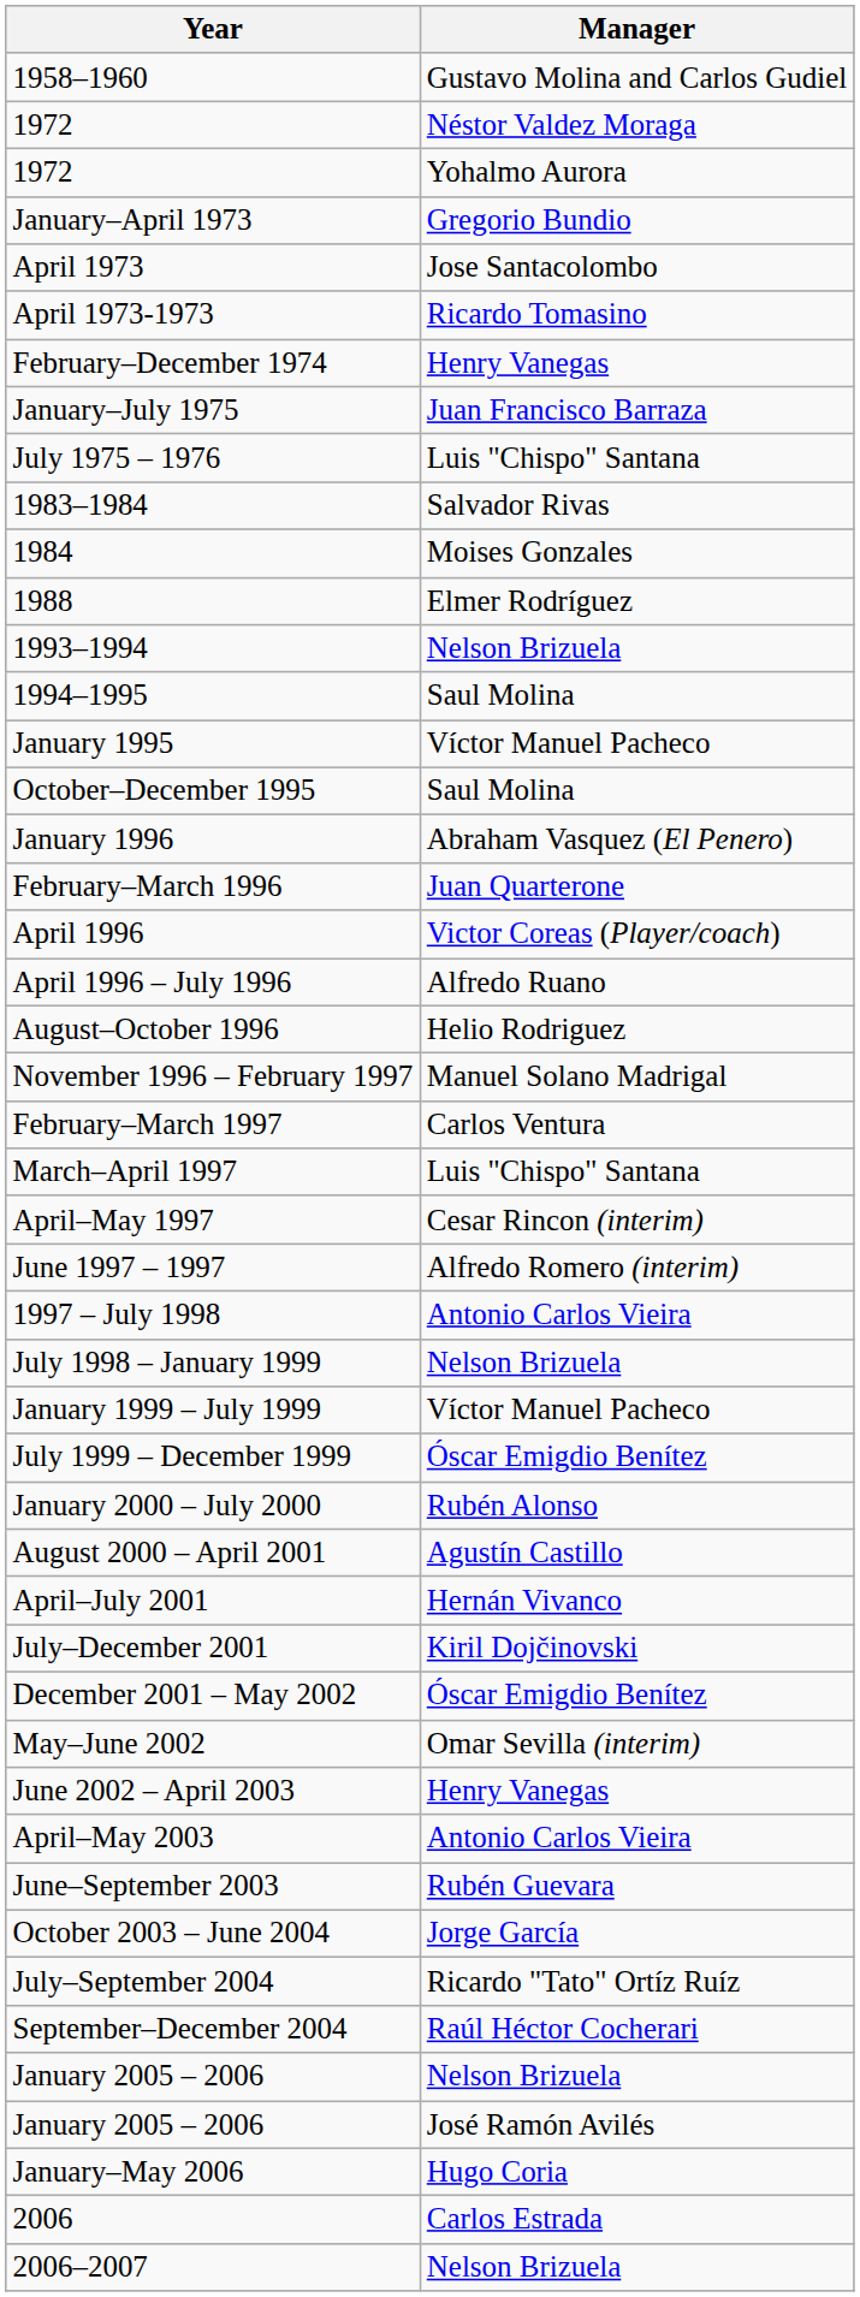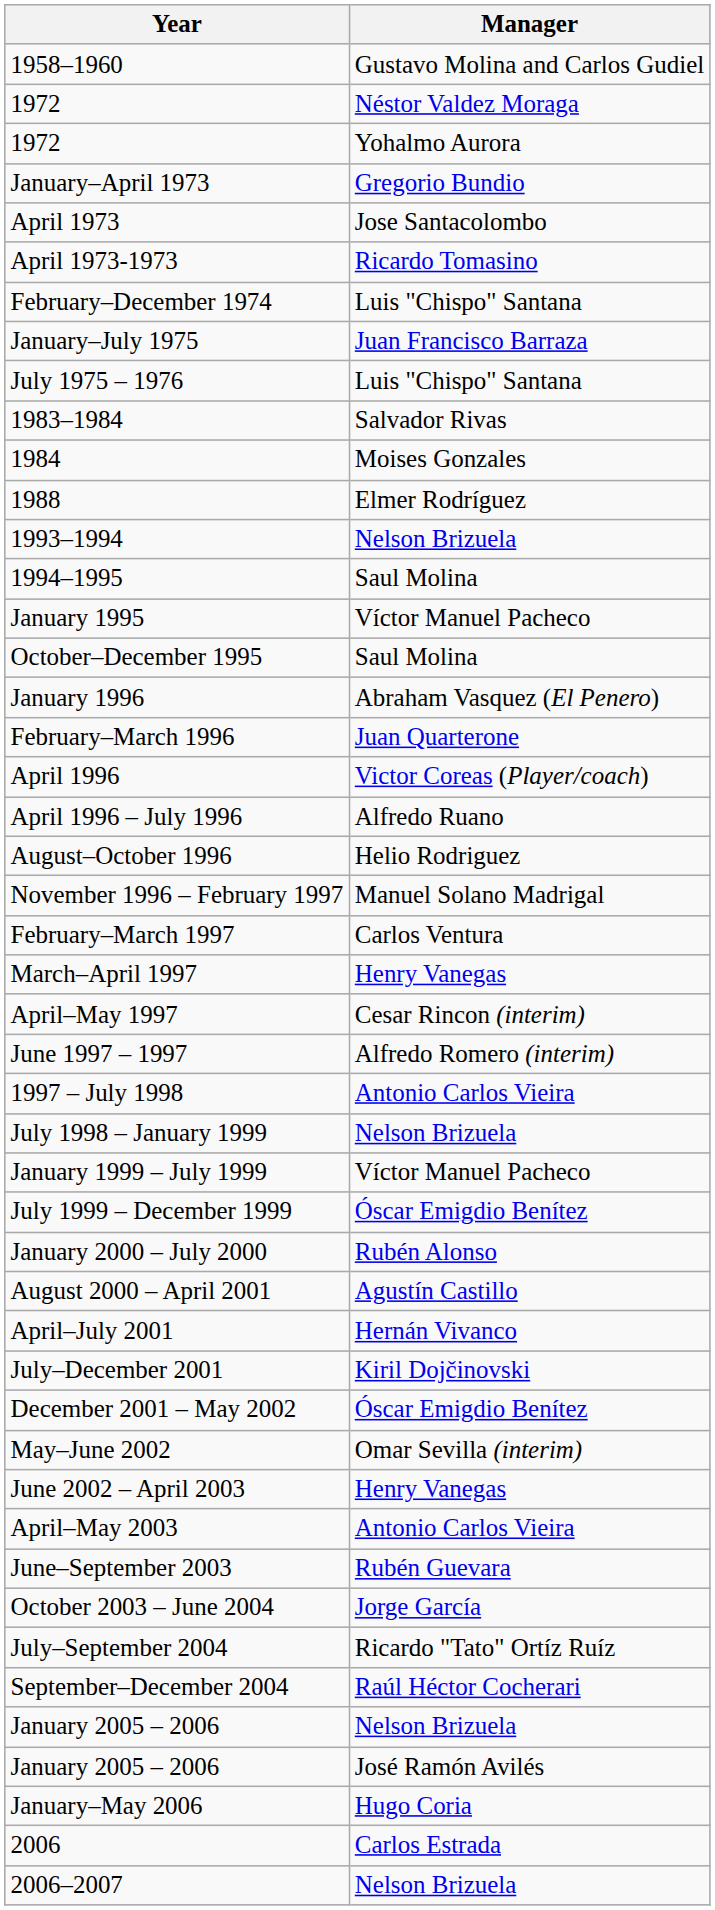 <table class="wikitable">
 <tr>
 <th>Year</th>
 <th>Manager</th>
 </tr>
 <tr>
 <td>1958–1960</td>
 <td> Gustavo Molina and Carlos Gudiel</td>
 </tr>
 <tr>
 <td>1972</td>
 <td> <a href='#'>Néstor Valdez Moraga</a></td>
 </tr>
 <tr>
 <td>1972</td>
 <td> Yohalmo Aurora</td>
 </tr>
 <tr>
 <td>January–April 1973</td>
 <td> <a href='#'>Gregorio Bundio</a></td>
 </tr>
 <tr>
 <td>April 1973</td>
 <td> Jose Santacolombo</td>
 </tr>
 <tr>
 <td>April 1973-1973</td>
 <td> <a href='#'>Ricardo Tomasino</a></td>
 </tr>
 <tr>
 <td>February–December 1974</td>
-<td> <a href='#'>Henry Vanegas</a></td>
+<td> Luis "Chispo" Santana</td>
 </tr>
 <tr>
 <td>January–July 1975</td>
 <td> <a href='#'>Juan Francisco Barraza</a></td>
 </tr>
 <tr>
 <td>July 1975 – 1976</td>
 <td> Luis "Chispo" Santana</td>
 </tr>
 <tr>
 <td>1983–1984</td>
 <td> Salvador Rivas</td>
 </tr>
 <tr>
 <td>1984</td>
 <td> Moises Gonzales</td>
 </tr>
 <tr>
 <td>1988</td>
 <td> Elmer Rodríguez</td>
 </tr>
 <tr>
 <td>1993–1994</td>
 <td> <a href='#'>Nelson Brizuela</a></td>
 </tr>
 <tr>
 <td>1994–1995</td>
 <td>  Saul Molina</td>
 </tr>
 <tr>
 <td>January 1995</td>
 <td> Víctor Manuel Pacheco</td>
 </tr>
 <tr>
 <td>October–December 1995</td>
 <td> Saul Molina</td>
 </tr>
 <tr>
 <td>January 1996</td>
 <td> Abraham Vasquez (<em>El Penero</em>)</td>
 </tr>
 <tr>
 <td>February–March 1996</td>
 <td> <a href='#'>Juan Quarterone</a></td>
 </tr>
 <tr>
 <td>April 1996</td>
 <td> <a href='#'>Victor Coreas</a> (<em>Player/coach</em>)</td>
 </tr>
 <tr>
 <td>April 1996 – July 1996</td>
 <td> Alfredo Ruano</td>
 </tr>
 <tr>
 <td>August–October 1996</td>
 <td> Helio Rodriguez</td>
 </tr>
 <tr>
 <td>November 1996 – February 1997</td>
 <td> Manuel Solano Madrigal</td>
 </tr>
 <tr>
 <td>February–March 1997</td>
 <td> Carlos Ventura</td>
 </tr>
 <tr>
 <td>March–April 1997</td>
-<td> Luis "Chispo" Santana</td>
+<td> <a href='#'>Henry Vanegas</a></td>
 </tr>
 <tr>
 <td>April–May 1997</td>
 <td> Cesar Rincon <em>(interim)</em></td>
 </tr>
 <tr>
 <td>June 1997 – 1997</td>
 <td>  Alfredo Romero <em>(interim)</em></td>
 </tr>
 <tr>
 <td>1997 – July 1998</td>
 <td> <a href='#'>Antonio Carlos Vieira</a></td>
 </tr>
 <tr>
 <td>July 1998 – January 1999</td>
 <td> <a href='#'>Nelson Brizuela</a></td>
 </tr>
 <tr>
 <td>January 1999 – July 1999</td>
 <td> Víctor Manuel Pacheco</td>
 </tr>
 <tr>
 <td>July 1999 – December 1999</td>
 <td> <a href='#'>Óscar Emigdio Benítez</a></td>
 </tr>
 <tr>
 <td>January 2000 – July 2000</td>
 <td> <a href='#'>Rubén Alonso</a></td>
 </tr>
 <tr>
 <td>August 2000 – April 2001</td>
 <td> <a href='#'>Agustín Castillo</a></td>
 </tr>
 <tr>
 <td>April–July 2001</td>
 <td> <a href='#'>Hernán Vivanco</a></td>
 </tr>
 <tr>
 <td>July–December 2001</td>
 <td> <a href='#'>Kiril Dojčinovski</a></td>
 </tr>
 <tr>
 <td>December 2001 – May 2002</td>
 <td> <a href='#'>Óscar Emigdio Benítez</a></td>
 </tr>
 <tr>
 <td>May–June 2002</td>
 <td> Omar Sevilla <em>(interim)</em></td>
 </tr>
 <tr>
 <td>June 2002 – April 2003</td>
 <td> <a href='#'>Henry Vanegas</a></td>
 </tr>
 <tr>
 <td>April–May 2003</td>
 <td> <a href='#'>Antonio Carlos Vieira</a></td>
 </tr>
 <tr>
 <td>June–September 2003</td>
 <td> <a href='#'>Rubén Guevara</a></td>
 </tr>
 <tr>
 <td>October 2003 – June 2004</td>
 <td> <a href='#'>Jorge García</a></td>
 </tr>
 <tr>
 <td>July–September 2004</td>
 <td> Ricardo "Tato" Ortíz Ruíz</td>
 </tr>
 <tr>
 <td>September–December 2004</td>
 <td> <a href='#'>Raúl Héctor Cocherari</a></td>
 </tr>
 <tr>
 <td>January 2005 – 2006</td>
 <td> <a href='#'>Nelson Brizuela</a></td>
 </tr>
 <tr>
 <td>January 2005 – 2006</td>
 <td> José Ramón Avilés</td>
 </tr>
 <tr>
 <td>January–May 2006</td>
 <td> <a href='#'>Hugo Coria</a></td>
 </tr>
 <tr>
 <td>2006</td>
 <td> <a href='#'>Carlos Estrada</a></td>
 </tr>
 <tr>
 <td>2006–2007</td>
 <td> <a href='#'>Nelson Brizuela</a></td>
 </tr>
 </table>
